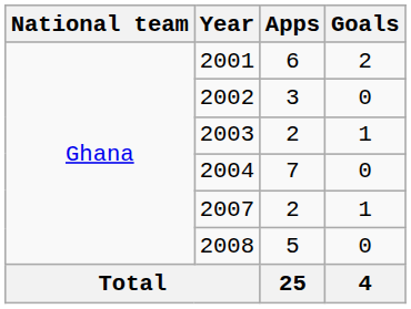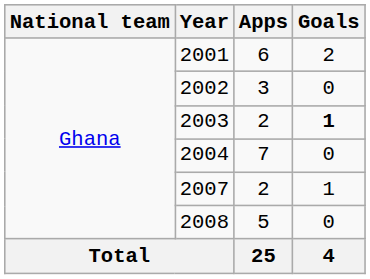 <table class="wikitable" style="text-align:center">
 <tr>
 <th>National team</th>
 <th>Year</th>
 <th>Apps</th>
 <th>Goals</th>
 </tr>
 <tr>
 <td rowspan="6"><a href='#'>Ghana</a></td>
 <td>2001</td>
 <td>6</td>
 <td>2</td>
 </tr>
 <tr>
 <td>2002</td>
 <td>3</td>
 <td>0</td>
 </tr>
 <tr>
 <td>2003</td>
 <td>2</td>
-<td>1</td>
+<td><strong>1</strong></td>
 </tr>
 <tr>
 <td>2004</td>
 <td>7</td>
 <td>0</td>
 </tr>
 <tr>
 <td>2007</td>
 <td>2</td>
 <td>1</td>
 </tr>
 <tr>
 <td>2008</td>
 <td>5</td>
 <td>0</td>
 </tr>
 <tr>
 <th colspan="2">Total</th>
 <th>25</th>
 <th>4</th>
 </tr>
 </table>
